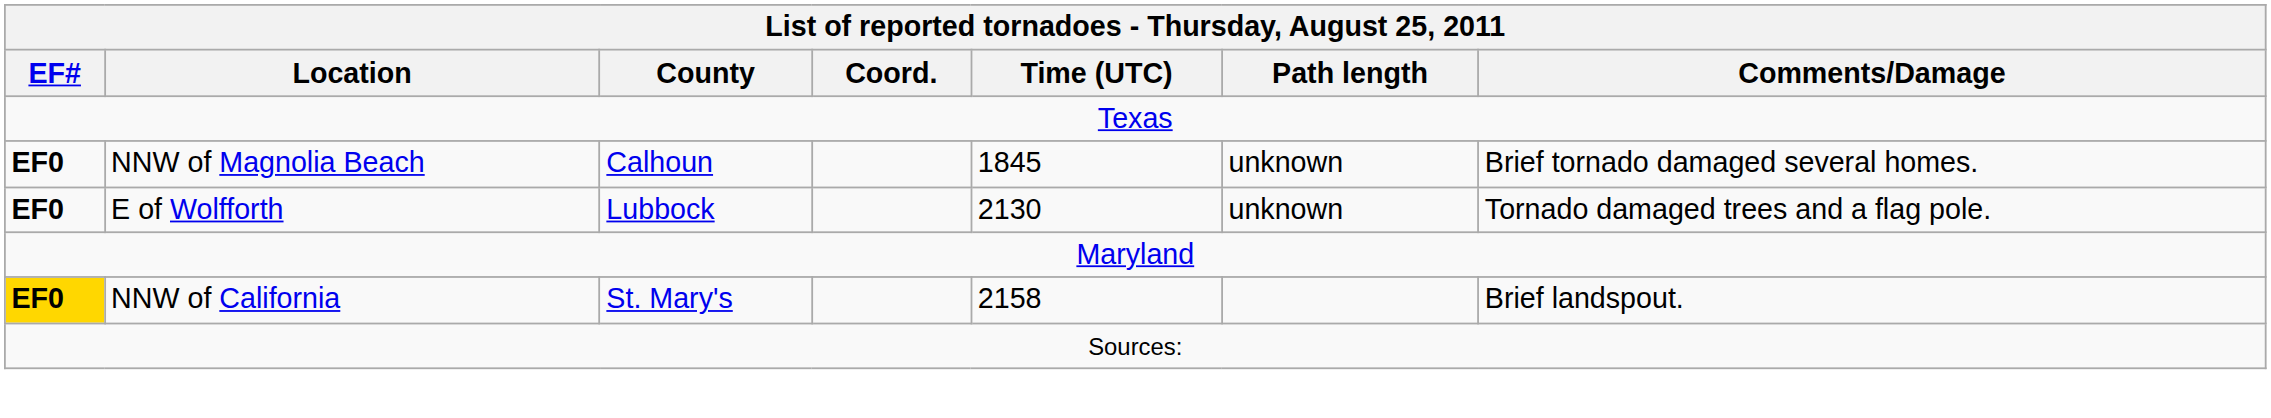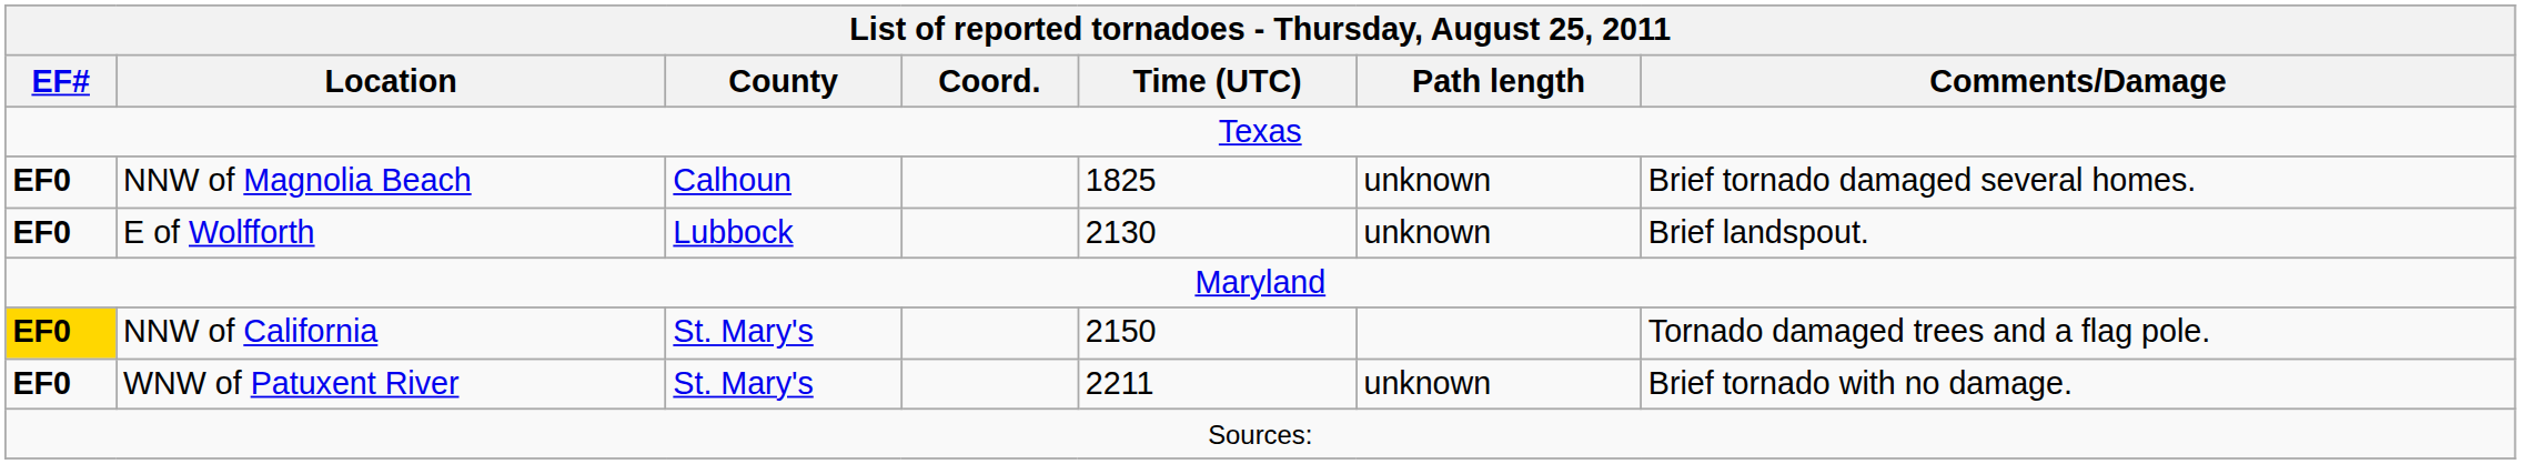 <table class="wikitable collapsible" width="100%">
 <tr>
 <th colspan="7">List of reported tornadoes - Thursday, August 25, 2011</th>
 </tr>
 <tr>
 <th><a href='#'>EF#</a></th>
 <th>Location</th>
 <th>County</th>
 <th>Coord.</th>
 <th>Time (UTC)</th>
 <th>Path length</th>
 <th>Comments/Damage</th>
 </tr>
 <tr>
 <td colspan="7" align=center><a href='#'>Texas</a></td>
 </tr>
 <tr>
 <td><strong>EF0</strong></td>
 <td>NNW of <a href='#'>Magnolia Beach</a></td>
 <td><a href='#'>Calhoun</a></td>
 <td></td>
-<td>1845</td>
+<td>1825</td>
 <td>unknown</td>
 <td>Brief tornado damaged several homes.</td>
 </tr>
 <tr>
 <td><strong>EF0</strong></td>
 <td>E of <a href='#'>Wolfforth</a></td>
 <td><a href='#'>Lubbock</a></td>
 <td></td>
 <td>2130</td>
 <td>unknown</td>
-<td>Tornado damaged trees and a flag pole.</td>
+<td>Brief landspout.</td>
 </tr>
 <tr>
 <td colspan="7" align=center><a href='#'>Maryland</a></td>
 </tr>
 <tr>
 <td style="background: gold;"><strong>EF0</strong></td>
 <td>NNW of <a href='#'>California</a></td>
 <td><a href='#'>St. Mary's</a></td>
 <td></td>
-<td>2158</td>
+<td>2150</td>
 <td></td>
-<td>Brief landspout.</td>
+<td>Tornado damaged trees and a flag pole.</td>
+</tr>
+<tr>
+<td><strong>EF0</strong></td>
+<td>WNW of <a href='#'>Patuxent River</a></td>
+<td><a href='#'>St. Mary's</a></td>
+<td></td>
+<td>2211</td>
+<td>unknown</td>
+<td>Brief tornado with no damage.</td>
 </tr>
 <tr>
 <td colspan="7" align=center><small>Sources: </small></td>
 </tr>
 </table>
